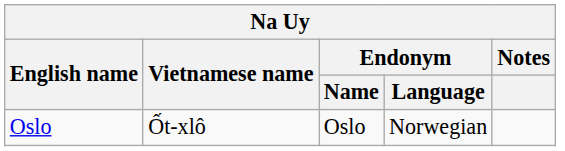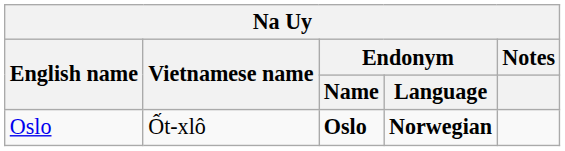 <table class="wikitable sortable">
 <tr>
 <th colspan="5"> Na Uy</th>
 </tr>
 <tr>
 <th rowspan="2">English name</th>
 <th rowspan="2">Vietnamese name</th>
 <th colspan="2">Endonym</th>
 <th>Notes</th>
 </tr>
 <tr>
 <th>Name</th>
 <th>Language</th>
 <th></th>
 </tr>
 <tr>
 <td><a href='#'>Oslo</a></td>
 <td>Ốt-xlô</td>
-<td>Oslo</td>
-<td>Norwegian</td>
+<td><strong>Oslo</strong></td>
+<td><strong>Norwegian</strong></td>
 </tr>
 </table>
